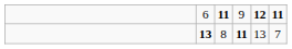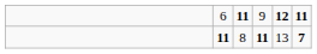 <table class="wikitable">
 <tr>
 <td style="width:15em"></td>
 <td align=center style="width:1em">6</td>
 <td align=center style="width:1em"><strong>11</strong></td>
 <td align=center style="width:1em">9</td>
 <td align=center style="width:1em"><strong>12</strong></td>
 <td align=center style="width:1em"><strong>11</strong></td>
 </tr>
 <tr>
 <td style="width:15em"></td>
-<td align=center style="width:1em"><strong>13</strong></td>
+<td align=center style="width:1em"><strong>11</strong></td>
 <td align=center style="width:1em">8</td>
 <td align=center style="width:1em"><strong>11</strong></td>
 <td align=center style="width:1em">13</td>
-<td align=center style="width:1em">7</td>
+<td align=center style="width:1em"><strong>7</strong></td>
 </tr>
 </table>
